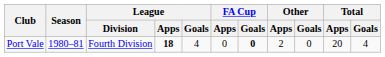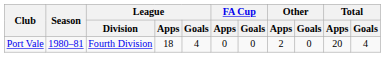 <table class="wikitable" style="text-align:center">
 <tr>
 <th rowspan="2">Club</th>
 <th rowspan="2">Season</th>
 <th colspan="3">League</th>
 <th colspan="2"><a href='#'>FA Cup</a></th>
 <th colspan="2">Other</th>
 <th colspan="2">Total</th>
 </tr>
 <tr>
 <th>Division</th>
 <th>Apps</th>
 <th>Goals</th>
 <th>Apps</th>
 <th>Goals</th>
 <th>Apps</th>
 <th>Goals</th>
 <th>Apps</th>
 <th>Goals</th>
 </tr>
 <tr>
 <td><a href='#'>Port Vale</a></td>
 <td><a href='#'>1980–81</a></td>
 <td><a href='#'>Fourth Division</a></td>
-<td><strong>18</strong></td>
+<td>18</td>
 <td>4</td>
 <td>0</td>
-<td><strong>0</strong></td>
+<td>0</td>
 <td>2</td>
 <td>0</td>
 <td>20</td>
 <td>4</td>
 </tr>
 </table>
